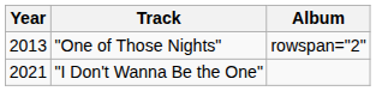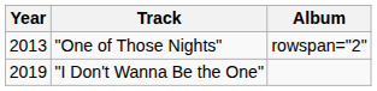 <table class="wikitable">
 <tr>
 <th>Year</th>
 <th>Track</th>
 <th>Album</th>
 </tr>
 <tr>
 <td>2013</td>
 <td>"One of Those Nights"</td>
 <td>rowspan="2" </td>
 </tr>
 <tr>
-<td>2021</td>
+<td>2019</td>
 <td>"I Don't Wanna Be the One"</td>
 </tr>
 </table>
